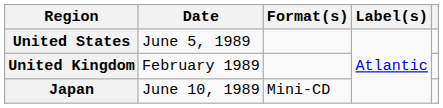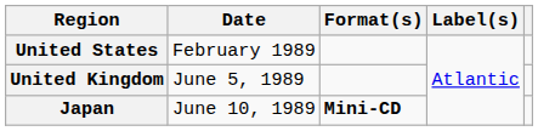 <table class="wikitable plainrowheaders">
 <tr>
 <th scope="col">Region</th>
 <th scope="col">Date</th>
 <th scope="col">Format(s)</th>
 <th scope="col">Label(s)</th>
 <th scope="col"></th>
 </tr>
 <tr>
 <th scope="row">United States</th>
-<td>June 5, 1989</td>
+<td>February 1989</td>
 <td></td>
 <td rowspan="3"><a href='#'>Atlantic</a></td>
 </tr>
 <tr>
 <th scope="row">United Kingdom</th>
-<td>February 1989</td>
+<td>June 5, 1989</td>
 <td></td>
 <td></td>
 </tr>
 <tr>
 <th scope="row">Japan</th>
 <td>June 10, 1989</td>
-<td>Mini-CD</td>
+<td><strong>Mini-CD</strong></td>
 <td></td>
 </tr>
 </table>
